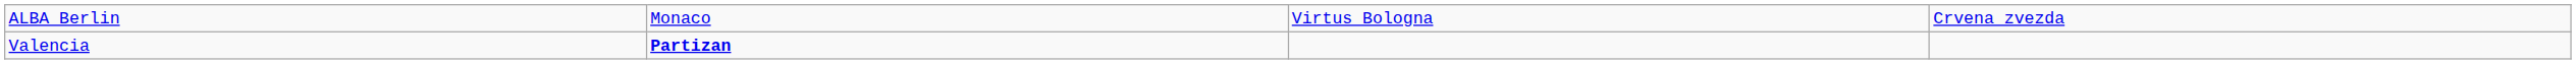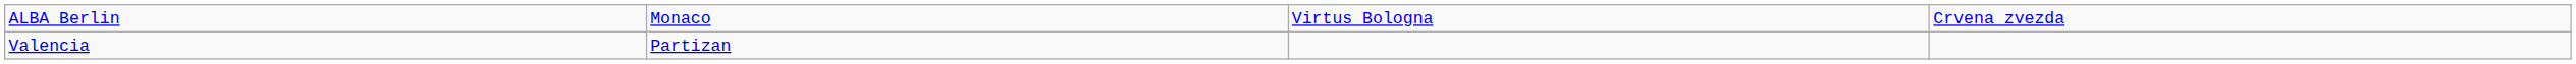 <table class="wikitable" style="table-layout:fixed;width:100%;">
 <tr>
 <td width=210> <a href='#'>ALBA Berlin</a> </td>
 <td width=210> <a href='#'>Monaco</a> </td>
 <td width=210> <a href='#'>Virtus Bologna</a> </td>
 <td width=210> <a href='#'>Crvena zvezda</a> </td>
 </tr>
 <tr>
 <td width=210> <a href='#'>Valencia</a> </td>
-<td width=210><strong> <a href='#'>Partizan</a> </strong></td>
+<td width=210> <a href='#'>Partizan</a> </td>
 <td></td>
 <td></td>
 </tr>
 </table>
